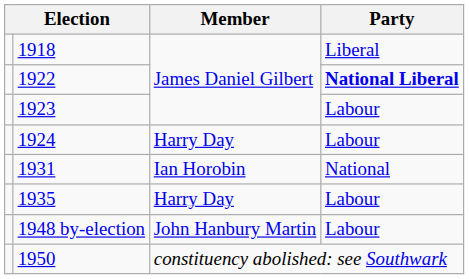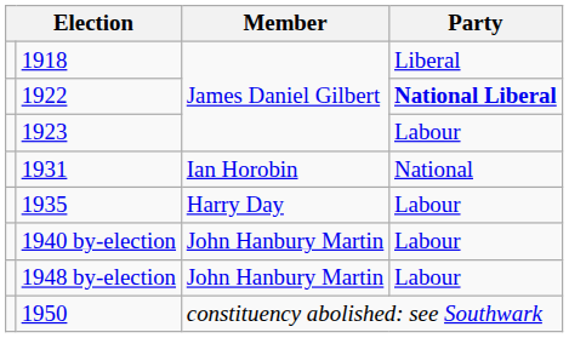 <table class="wikitable">
 <tr>
 <th colspan="2">Election</th>
 <th>Member</th>
 <th>Party</th>
 </tr>
 <tr>
 <td style="color:inherit;background-color: "></td>
 <td><a href='#'>1918</a></td>
 <td rowspan="3"><a href='#'>James Daniel Gilbert</a></td>
 <td><a href='#'>Liberal</a></td>
 </tr>
 <tr>
 <td style="color:inherit;background-color: "></td>
 <td><a href='#'>1922</a></td>
 <td><strong><a href='#'>National Liberal</a></strong></td>
 </tr>
 <tr>
 <td style="color:inherit;background-color: "></td>
 <td><a href='#'>1923</a></td>
 <td><a href='#'>Labour</a></td>
 </tr>
 <tr>
 <td style="color:inherit;background-color: "></td>
-<td><a href='#'>1924</a></td>
-<td><a href='#'>Harry Day</a></td>
-<td><a href='#'>Labour</a></td>
-</tr>
-<tr>
-<td style="color:inherit;background-color: "></td>
 <td><a href='#'>1931</a></td>
 <td><a href='#'>Ian Horobin</a></td>
 <td><a href='#'>National</a></td>
 </tr>
 <tr>
 <td style="color:inherit;background-color: "></td>
 <td><a href='#'>1935</a></td>
 <td><a href='#'>Harry Day</a></td>
+<td><a href='#'>Labour</a></td>
+</tr>
+<tr>
+<td style="color:inherit;background-color: "></td>
+<td><a href='#'>1940 by-election</a></td>
+<td><a href='#'>John Hanbury Martin</a></td>
 <td><a href='#'>Labour</a></td>
 </tr>
 <tr>
 <td style="color:inherit;background-color: "></td>
 <td><a href='#'>1948 by-election</a></td>
 <td><a href='#'>John Hanbury Martin</a></td>
 <td><a href='#'>Labour</a></td>
 </tr>
 <tr>
 <td></td>
 <td><a href='#'>1950</a></td>
 <td colspan="2"><em>constituency abolished: see <a href='#'>Southwark</a></em></td>
 </tr>
 </table>
